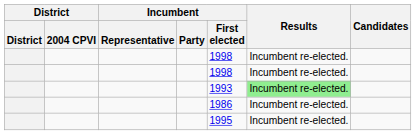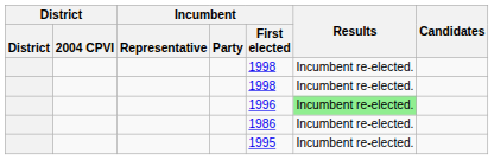 <table class="wikitable sortable">
 <tr>
 <th colspan=2>District</th>
 <th colspan=3>Incumbent</th>
 <th rowspan=2>Results</th>
 <th rowspan=2>Candidates</th>
 </tr>
 <tr valign=bottom>
 <th>District</th>
 <th>2004 CPVI</th>
 <th>Representative</th>
 <th>Party</th>
 <th>First<br>elected</th>
 </tr>
 <tr>
 <th></th>
 <td></td>
 <td></td>
 <td></td>
 <td><a href='#'>1998</a></td>
 <td>Incumbent re-elected.</td>
 <td nowrap></td>
 </tr>
 <tr>
 <th></th>
 <td></td>
 <td></td>
 <td></td>
 <td><a href='#'>1998</a></td>
 <td>Incumbent re-elected.</td>
 <td nowrap></td>
 </tr>
 <tr>
 <th></th>
 <td></td>
 <td></td>
 <td></td>
-<td><a href='#'>1993</a></td>
+<td><a href='#'>1996</a></td>
 <td style="background: lightgreen;">Incumbent re-elected.</td>
 <td nowrap></td>
 </tr>
 <tr>
 <th></th>
 <td></td>
 <td></td>
 <td></td>
 <td><a href='#'>1986</a></td>
 <td>Incumbent re-elected.</td>
 <td nowrap></td>
 </tr>
 <tr>
 <th></th>
 <td></td>
 <td></td>
 <td></td>
 <td><a href='#'>1995</a></td>
 <td>Incumbent re-elected.</td>
 <td nowrap></td>
 </tr>
 </table>
